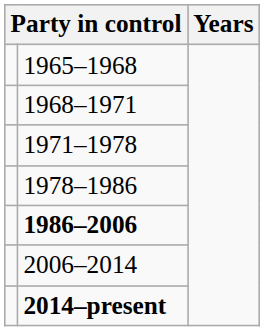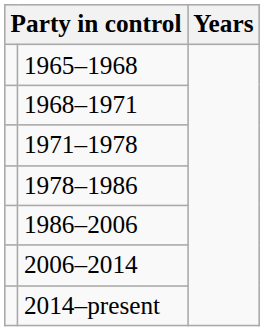 <table class="wikitable">
 <tr>
 <th colspan="2">Party in control</th>
 <th>Years</th>
 </tr>
 <tr>
 <td></td>
 <td>1965–1968</td>
 </tr>
 <tr>
 <td></td>
 <td>1968–1971</td>
 </tr>
 <tr>
 <td></td>
 <td>1971–1978</td>
 </tr>
 <tr>
 <td></td>
 <td>1978–1986</td>
 </tr>
 <tr>
 <td></td>
-<td><strong>1986–2006</strong></td>
+<td>1986–2006</td>
 </tr>
 <tr>
 <td></td>
 <td>2006–2014</td>
 </tr>
 <tr>
 <td></td>
-<td><strong>2014–present</strong></td>
+<td>2014–present</td>
 </tr>
 </table>
